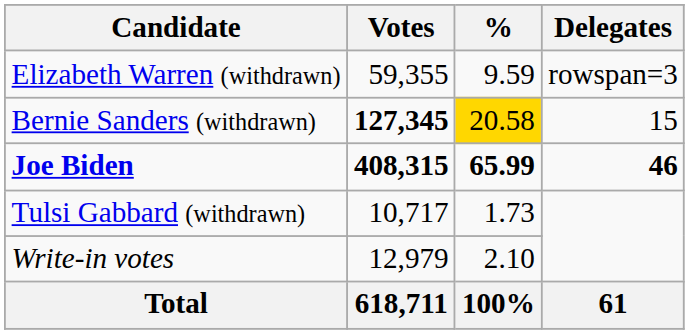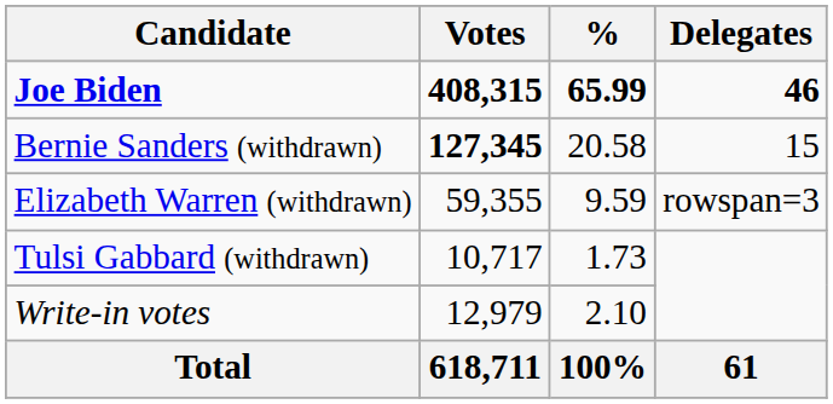 <table class="wikitable sortable" style="text-align:right;">
 <tr>
 <th>Candidate</th>
 <th>Votes</th>
 <th>%</th>
 <th>Delegates</th>
 </tr>
 <tr>
+<td style="text-align:left;" data-sort-value="Biden, Joe"><strong><a href='#'>Joe Biden</a></strong></td>
+<td><strong>408,315</strong></td>
+<td><strong>65.99</strong></td>
+<td><strong>46</strong></td>
+</tr>
+<tr>
+<td style="text-align:left;" data-sort-value="Sanders, Bernie"><a href='#'>Bernie Sanders</a> <small>(withdrawn)</small></td>
+<td><strong>127,345</strong></td>
+<td>20.58</td>
+<td>15</td>
+</tr>
+<tr>
 <td style="text-align:left;" data-sort-value="Warren, Elizabeth"><a href='#'>Elizabeth Warren</a> <small>(withdrawn)</small></td>
 <td>59,355</td>
 <td>9.59</td>
 <td>rowspan=3 </td>
-</tr>
-<tr>
-<td style="text-align:left;" data-sort-value="Sanders, Bernie"><a href='#'>Bernie Sanders</a> <small>(withdrawn)</small></td>
-<td><strong>127,345</strong></td>
-<td style="background: gold;">20.58</td>
-<td>15</td>
-</tr>
-<tr>
-<td style="text-align:left;" data-sort-value="Biden, Joe"><strong><a href='#'>Joe Biden</a></strong></td>
-<td><strong>408,315</strong></td>
-<td><strong>65.99</strong></td>
-<td><strong>46</strong></td>
 </tr>
 <tr>
 <td style="text-align:left;" data-sort-value="Gabbard, Tulsi"><a href='#'>Tulsi Gabbard</a> <small>(withdrawn)</small></td>
 <td>10,717</td>
 <td>1.73</td>
 </tr>
 <tr>
 <td style="text-align:left;" data-sort-value="ZZ"><em>Write-in votes</em></td>
 <td>12,979</td>
 <td>2.10</td>
 </tr>
 <tr>
 <th>Total</th>
 <th>618,711</th>
 <th>100%</th>
 <th>61</th>
 </tr>
 </table>
